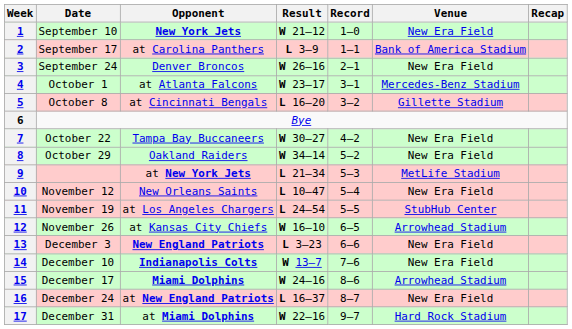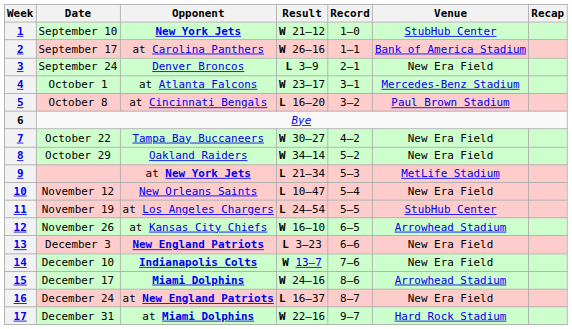 <table class="wikitable" style="text-align:center">
 <tr>
 <th>Week</th>
 <th>Date</th>
 <th>Opponent</th>
 <th>Result</th>
 <th>Record</th>
 <th>Venue</th>
 <th>Recap</th>
 </tr>
 <tr style="background:#cfc">
 <th><a href='#'>1</a></th>
 <td>September 10</td>
 <td><strong><a href='#'>New York Jets</a></strong></td>
 <td><strong>W</strong> 21–12</td>
 <td>1–0</td>
-<td><a href='#'>New Era Field</a></td>
+<td><a href='#'>StubHub Center</a></td>
 <td></td>
 </tr>
 <tr style="background:#fcc">
 <th><a href='#'>2</a></th>
 <td>September 17</td>
 <td>at <a href='#'>Carolina Panthers</a></td>
-<td><strong>L</strong> 3–9</td>
+<td><strong>W</strong> 26–16</td>
 <td>1–1</td>
 <td><a href='#'>Bank of America Stadium</a></td>
 <td></td>
 </tr>
 <tr style="background:#cfc">
 <th><a href='#'>3</a></th>
 <td>September 24</td>
 <td><a href='#'>Denver Broncos</a></td>
-<td><strong>W</strong> 26–16</td>
+<td><strong>L</strong> 3–9</td>
 <td>2–1</td>
 <td>New Era Field</td>
 <td></td>
 </tr>
 <tr style="background:#cfc">
 <th><a href='#'>4</a></th>
 <td>October 1</td>
 <td>at <a href='#'>Atlanta Falcons</a></td>
 <td><strong>W</strong> 23–17</td>
 <td>3–1</td>
 <td><a href='#'>Mercedes-Benz Stadium</a></td>
 <td></td>
 </tr>
 <tr style="background:#fcc">
 <th><a href='#'>5</a></th>
 <td>October 8</td>
 <td>at <a href='#'>Cincinnati Bengals</a></td>
 <td><strong>L</strong> 16–20</td>
 <td>3–2</td>
-<td><a href='#'>Gillette Stadium</a></td>
+<td><a href='#'>Paul Brown Stadium</a></td>
 <td></td>
 </tr>
 <tr>
 <th>6</th>
 <td colspan="6"><em><a href='#'>Bye</a></em></td>
 </tr>
 <tr style="background:#cfc">
 <th><a href='#'>7</a></th>
 <td>October 22</td>
 <td><a href='#'>Tampa Bay Buccaneers</a></td>
 <td><strong>W</strong> 30–27</td>
 <td>4–2</td>
 <td>New Era Field</td>
 <td></td>
 </tr>
 <tr style="background:#cfc">
 <th><a href='#'>8</a></th>
 <td>October 29</td>
 <td><a href='#'>Oakland Raiders</a></td>
 <td><strong>W</strong> 34–14</td>
 <td>5–2</td>
 <td>New Era Field</td>
 <td></td>
 </tr>
 <tr style="background:#fcc">
 <th><a href='#'>9</a></th>
 <td></td>
 <td>at <strong><a href='#'>New York Jets</a></strong></td>
 <td><strong>L</strong> 21–34</td>
 <td>5–3</td>
 <td><a href='#'>MetLife Stadium</a></td>
 <td></td>
 </tr>
 <tr style="background:#fcc">
 <th><a href='#'>10</a></th>
 <td>November 12</td>
 <td><a href='#'>New Orleans Saints</a></td>
 <td><strong>L</strong> 10–47</td>
 <td>5–4</td>
 <td>New Era Field</td>
 <td></td>
 </tr>
 <tr style="background:#fcc">
 <th><a href='#'>11</a></th>
 <td>November 19</td>
 <td>at <a href='#'>Los Angeles Chargers</a></td>
 <td><strong>L</strong> 24–54</td>
 <td>5–5</td>
 <td><a href='#'>StubHub Center</a></td>
 <td></td>
 </tr>
 <tr style="background:#cfc">
 <th><a href='#'>12</a></th>
 <td>November 26</td>
 <td>at <a href='#'>Kansas City Chiefs</a></td>
 <td><strong>W</strong> 16–10</td>
 <td>6–5</td>
 <td><a href='#'>Arrowhead Stadium</a></td>
 <td></td>
 </tr>
 <tr style="background:#fcc">
 <th><a href='#'>13</a></th>
 <td>December 3</td>
 <td><strong><a href='#'>New England Patriots</a></strong></td>
 <td><strong>L</strong> 3–23</td>
 <td>6–6</td>
 <td>New Era Field</td>
 <td></td>
 </tr>
 <tr style="background:#cfc">
 <th><a href='#'>14</a></th>
 <td>December 10</td>
 <td><strong><a href='#'>Indianapolis Colts</a></strong></td>
 <td><strong>W</strong> <a href='#'>13–7 </a></td>
 <td>7–6</td>
 <td>New Era Field</td>
 <td></td>
 </tr>
 <tr style="background:#cfc">
 <th><a href='#'>15</a></th>
 <td>December 17</td>
 <td><strong><a href='#'>Miami Dolphins</a></strong></td>
 <td><strong>W</strong> 24–16</td>
 <td>8–6</td>
 <td><a href='#'>Arrowhead Stadium</a></td>
 <td></td>
 </tr>
 <tr style="background:#fcc">
 <th><a href='#'>16</a></th>
 <td>December 24</td>
 <td>at <strong><a href='#'>New England Patriots</a></strong></td>
 <td><strong>L</strong> 16–37</td>
 <td>8–7</td>
 <td>New Era Field</td>
 <td></td>
 </tr>
 <tr style="background:#cfc">
 <th><a href='#'>17</a></th>
 <td>December 31</td>
 <td>at <strong><a href='#'>Miami Dolphins</a></strong></td>
 <td><strong>W</strong> 22–16</td>
 <td>9–7</td>
 <td><a href='#'>Hard Rock Stadium</a></td>
 <td></td>
 </tr>
 </table>
